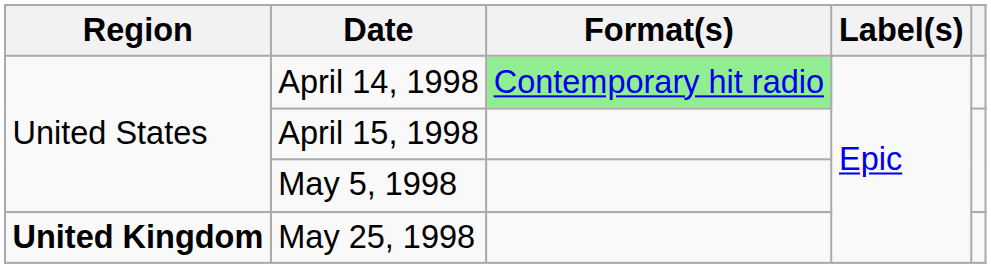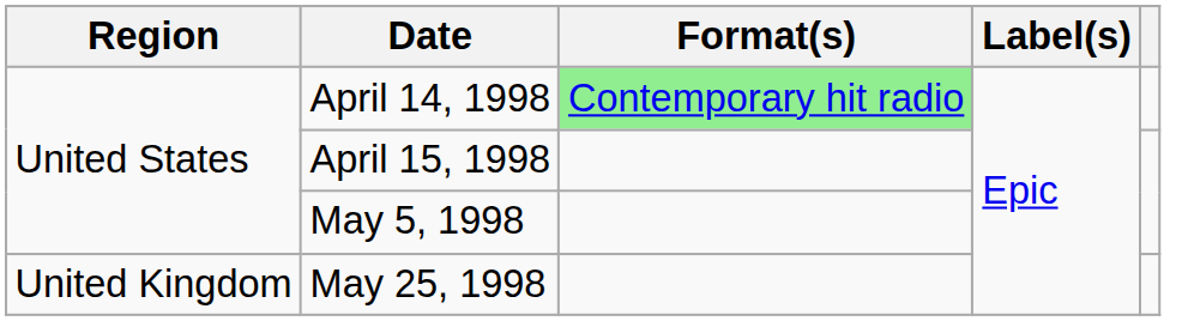 <table class="wikitable">
 <tr>
 <th>Region</th>
 <th>Date</th>
 <th>Format(s)</th>
 <th>Label(s)</th>
 <th></th>
 </tr>
 <tr>
 <td rowspan="3">United States</td>
 <td>April 14, 1998</td>
 <td style="background: lightgreen;"><a href='#'>Contemporary hit radio</a></td>
 <td rowspan="4"><a href='#'>Epic</a></td>
 <td></td>
 </tr>
 <tr>
 <td>April 15, 1998</td>
 <td></td>
 <td rowspan="2"></td>
 </tr>
 <tr>
 <td>May 5, 1998</td>
 <td></td>
 </tr>
 <tr>
-<td><strong>United Kingdom</strong></td>
+<td>United Kingdom</td>
 <td>May 25, 1998</td>
 <td></td>
 <td></td>
 </tr>
 </table>
